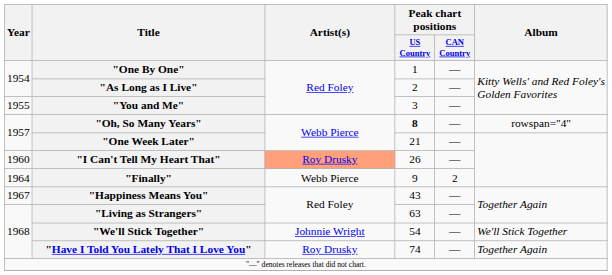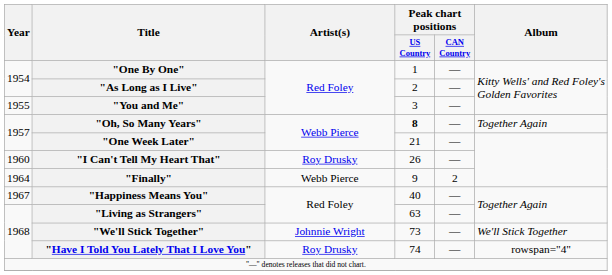 <table class="wikitable plainrowheaders" style="text-align:center;">
 <tr>
 <th scope="col" rowspan="2">Year</th>
 <th scope="col" rowspan="2" style="width:20em;">Title</th>
 <th scope="col" rowspan="2" style="width:11em;">Artist(s)</th>
 <th scope="col" colspan="2">Peak chart positions</th>
 <th scope="col" rowspan="2">Album</th>
 </tr>
 <tr>
 <th scope="col" style="width:4.2em;font-size:75%;"><a href='#'>US Country</a><br></th>
 <th scope="col" style="width:4.2em;font-size:75%;"><a href='#'>CAN Country</a><br></th>
 </tr>
 <tr>
 <td rowspan="2">1954</td>
 <th scope="row">"One By One"</th>
 <td rowspan="3"><a href='#'>Red Foley</a></td>
 <td>1</td>
 <td>—</td>
 <td align="left" rowspan="3"><em>Kitty Wells' and Red Foley's<br>Golden Favorites</em></td>
 </tr>
 <tr>
 <th scope="row">"As Long as I Live"</th>
 <td>2</td>
 <td>—</td>
 </tr>
 <tr>
 <td>1955</td>
 <th scope="row">"You and Me"</th>
 <td>3</td>
 <td>—</td>
 </tr>
 <tr>
 <td rowspan="2">1957</td>
 <th scope="row">"Oh, So Many Years"</th>
 <td rowspan="2"><a href='#'>Webb Pierce</a></td>
 <td><strong>8</strong></td>
 <td>—</td>
-<td>rowspan="4" </td>
+<td align="left"><em>Together Again</em></td>
 </tr>
 <tr>
 <th scope="row">"One Week Later"</th>
 <td>21</td>
 <td>—</td>
 </tr>
 <tr>
 <td>1960</td>
 <th scope="row">"I Can't Tell My Heart That"</th>
-<td style="background: lightsalmon;"><a href='#'>Roy Drusky</a></td>
+<td><a href='#'>Roy Drusky</a></td>
 <td>26</td>
 <td>—</td>
 </tr>
 <tr>
 <td>1964</td>
 <th scope="row">"Finally"</th>
 <td>Webb Pierce</td>
 <td>9</td>
 <td>2</td>
 </tr>
 <tr>
 <td>1967</td>
 <th scope="row">"Happiness Means You"</th>
 <td rowspan="2">Red Foley</td>
-<td>43</td>
+<td>40</td>
 <td>—</td>
 <td align="left" rowspan="2"><em>Together Again</em></td>
 </tr>
 <tr>
 <td rowspan="3">1968</td>
 <th scope="row">"Living as Strangers"</th>
 <td>63</td>
 <td>—</td>
 </tr>
 <tr>
 <th scope="row">"We'll Stick Together"</th>
 <td><a href='#'>Johnnie Wright</a></td>
-<td>54</td>
+<td>73</td>
 <td>—</td>
 <td align="left"><em>We'll Stick Together</em></td>
 </tr>
 <tr>
 <th scope="row">"<a href='#'>Have I Told You Lately That I Love You</a>"</th>
 <td><a href='#'>Roy Drusky</a></td>
 <td>74</td>
 <td>—</td>
-<td align="left"><em>Together Again</em></td>
+<td>rowspan="4" </td>
 </tr>
 <tr>
 <td align="center" colspan="10" style="font-size: 8pt">"—" denotes releases that did not chart.</td>
 </tr>
 <tr>
 </tr>
 </table>
